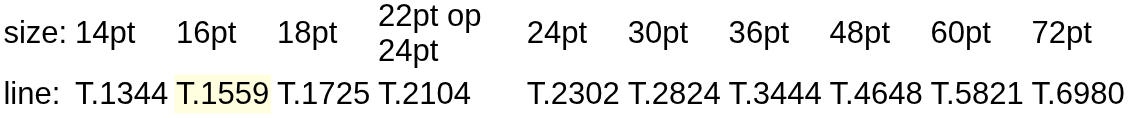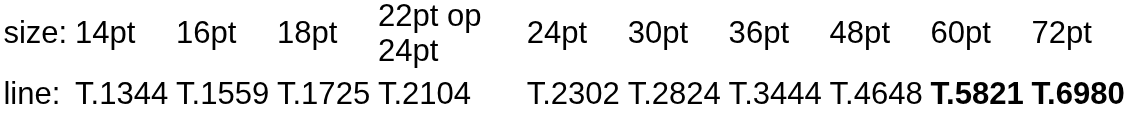 <table style="margin-left:40px;">
 <tr>
 <td>size:</td>
 <td>14pt</td>
 <td>16pt</td>
 <td>18pt</td>
 <td>22pt op 24pt</td>
 <td>24pt</td>
 <td>30pt</td>
 <td>36pt</td>
 <td>48pt</td>
 <td>60pt</td>
 <td>72pt</td>
 </tr>
 <tr>
 <td>line:</td>
 <td>T.1344</td>
-<td style="background: lightyellow;">T.1559</td>
+<td>T.1559</td>
 <td>T.1725</td>
 <td>T.2104</td>
 <td>T.2302</td>
 <td>T.2824</td>
 <td>T.3444</td>
 <td>T.4648</td>
-<td>T.5821</td>
-<td>T.6980</td>
+<td><strong>T.5821</strong></td>
+<td><strong>T.6980</strong></td>
 </tr>
 </table>
